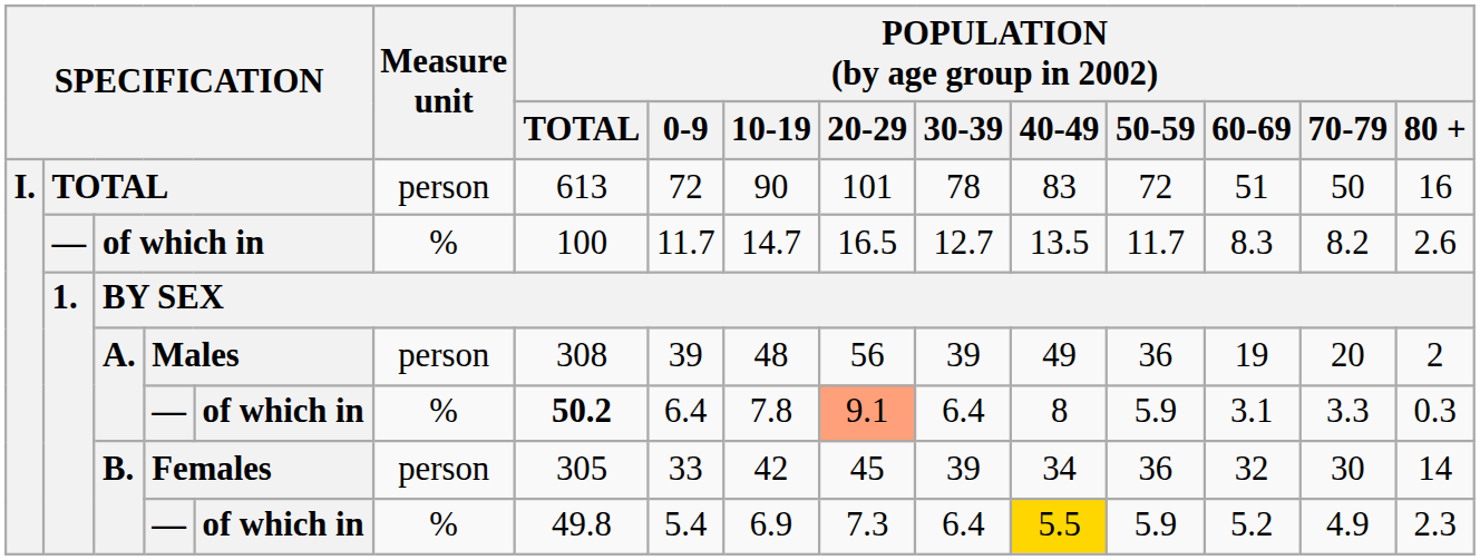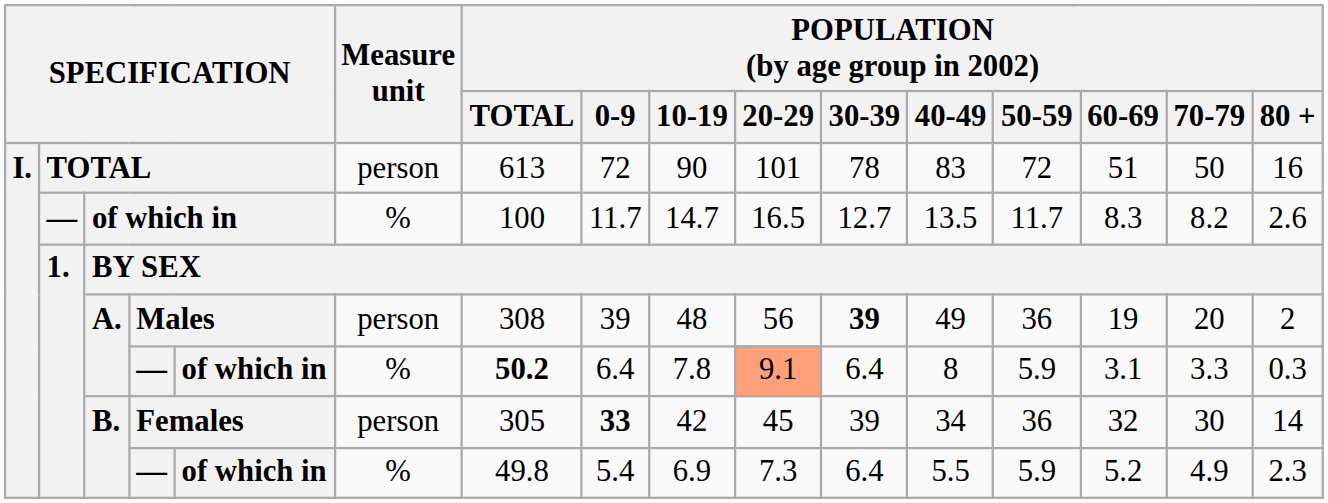 <table class="wikitable" style="font-size:85%; text-align:center">
 <tr>
 <th rowspan="2" colspan="5">SPECIFICATION</th>
 <th rowspan="2">Measure<br> unit</th>
 <th colspan="10" rowspan="1">POPULATION<br> (by age group in 2002)</th>
 </tr>
 <tr>
 <th>TOTAL</th>
 <th>0-9</th>
 <th>10-19</th>
 <th>20-29</th>
 <th>30-39</th>
 <th>40-49</th>
 <th>50-59</th>
 <th>60-69</th>
 <th>70-79</th>
 <th>80 +</th>
 </tr>
 <tr>
 <th style="text-align:left" valign="top" rowspan="7">I.</th>
 <th style="text-align:left" colspan="4">TOTAL</th>
 <td>person</td>
 <td>613</td>
 <td>72</td>
 <td>90</td>
 <td>101</td>
 <td>78</td>
 <td>83</td>
 <td>72</td>
 <td>51</td>
 <td>50</td>
 <td>16</td>
 </tr>
 <tr>
 <th style="text-align:left" valign="top">—</th>
 <th style="text-align:left" colspan="3">of which in</th>
 <td>%</td>
 <td>100</td>
 <td>11.7</td>
 <td>14.7</td>
 <td>16.5</td>
 <td>12.7</td>
 <td>13.5</td>
 <td>11.7</td>
 <td>8.3</td>
 <td>8.2</td>
 <td>2.6</td>
 </tr>
 <tr>
 <th style="text-align:left" valign="top" rowspan="5">1.</th>
 <th style="text-align:left" colspan="14">BY SEX</th>
 </tr>
 <tr>
 <th style="text-align:left" valign="top" rowspan="2">A.</th>
 <th style="text-align:left" colspan="2">Males</th>
 <td>person</td>
 <td>308</td>
 <td>39</td>
 <td>48</td>
 <td>56</td>
-<td>39</td>
+<td><strong>39</strong></td>
 <td>49</td>
 <td>36</td>
 <td>19</td>
 <td>20</td>
 <td>2</td>
 </tr>
 <tr>
 <th style="text-align:left" valign="top">—</th>
 <th style="text-align:left" colspan="1">of which in</th>
 <td>%</td>
 <td><strong>50.2</strong></td>
 <td>6.4</td>
 <td>7.8</td>
 <td style="background: lightsalmon;">9.1</td>
 <td>6.4</td>
 <td>8</td>
 <td>5.9</td>
 <td>3.1</td>
 <td>3.3</td>
 <td>0.3</td>
 </tr>
 <tr>
 <th style="text-align:left" valign="top" rowspan="2">B.</th>
 <th style="text-align:left" colspan="2">Females</th>
 <td>person</td>
 <td>305</td>
-<td>33</td>
+<td><strong>33</strong></td>
 <td>42</td>
 <td>45</td>
 <td>39</td>
 <td>34</td>
 <td>36</td>
 <td>32</td>
 <td>30</td>
 <td>14</td>
 </tr>
 <tr>
 <th style="text-align:left" valign="top">—</th>
 <th style="text-align:left" colspan="1">of which in</th>
 <td>%</td>
 <td>49.8</td>
 <td>5.4</td>
 <td>6.9</td>
 <td>7.3</td>
 <td>6.4</td>
-<td style="background: gold;">5.5</td>
+<td>5.5</td>
 <td>5.9</td>
 <td>5.2</td>
 <td>4.9</td>
 <td>2.3</td>
 </tr>
 </table>
